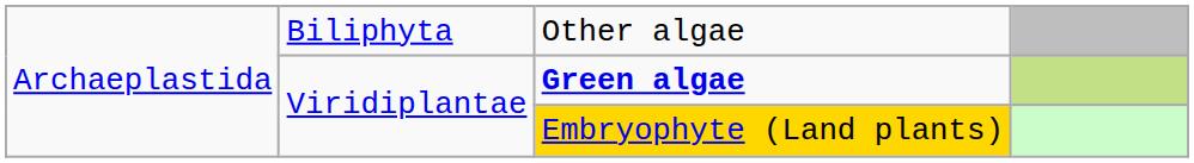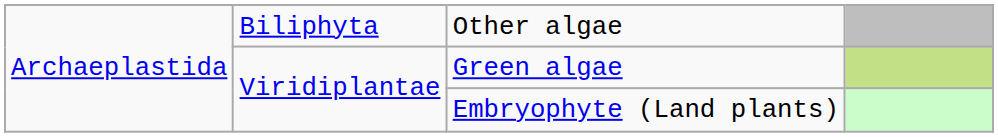 <table class="wikitable">
 <tr>
 <td rowspan="3"><a href='#'>Archaeplastida</a></td>
 <td><a href='#'>Biliphyta</a></td>
 <td>Other algae</td>
 <td style="background: #bebebe"></td>
 </tr>
 <tr>
 <td rowspan="2"><a href='#'>Viridiplantae</a></td>
-<td><strong><a href='#'>Green algae</a></strong></td>
+<td><a href='#'>Green algae</a></td>
 <td style="background: #c2e085"></td>
 </tr>
 <tr>
-<td style="background: gold;"><a href='#'>Embryophyte</a> (Land plants)</td>
+<td><a href='#'>Embryophyte</a> (Land plants)</td>
 <td style="background: #cbfdcb" width="15%"></td>
 </tr>
 </table>
